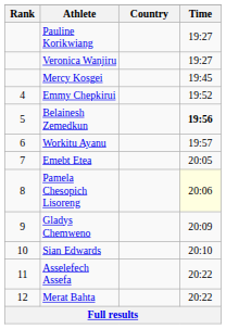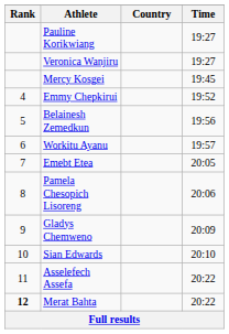 <table class="wikitable sortable" style=" text-align:center; font-size:95%;" width="50%">
 <tr>
 </tr>
 <tr>
 <th width=5%>Rank</th>
 <th width=20%>Athlete</th>
 <th width=15%>Country</th>
 <th width=10%>Time</th>
 </tr>
 <tr>
 <td align=center></td>
 <td align=left><a href='#'>Pauline Korikwiang</a></td>
 <td align=left></td>
 <td>19:27</td>
 </tr>
 <tr>
 <td align=center></td>
 <td align=left><a href='#'>Veronica Wanjiru</a></td>
 <td align=left></td>
 <td>19:27</td>
 </tr>
 <tr>
 <td align=center></td>
 <td align=left><a href='#'>Mercy Kosgei</a></td>
 <td align=left></td>
 <td>19:45</td>
 </tr>
 <tr>
 <td align=center>4</td>
 <td align=left><a href='#'>Emmy Chepkirui</a></td>
 <td align=left></td>
 <td>19:52</td>
 </tr>
 <tr>
 <td align=center>5</td>
 <td align=left><a href='#'>Belainesh Zemedkun</a></td>
 <td align=left></td>
-<td><strong>19:56</strong></td>
+<td>19:56</td>
 </tr>
 <tr>
 <td align=center>6</td>
 <td align=left><a href='#'>Workitu Ayanu</a></td>
 <td align=left></td>
 <td>19:57</td>
 </tr>
 <tr>
 <td align=center>7</td>
 <td align=left><a href='#'>Emebt Etea</a></td>
 <td align=left></td>
 <td>20:05</td>
 </tr>
 <tr>
 <td align=center>8</td>
 <td align=left><a href='#'>Pamela Chesopich Lisoreng</a></td>
 <td align=left></td>
-<td style="background: lightyellow;">20:06</td>
+<td>20:06</td>
 </tr>
 <tr>
 <td align=center>9</td>
 <td align=left><a href='#'>Gladys Chemweno</a></td>
 <td align=left></td>
 <td>20:09</td>
 </tr>
 <tr>
 <td align=center>10</td>
 <td align=left><a href='#'>Sian Edwards</a></td>
 <td align=left></td>
 <td>20:10</td>
 </tr>
 <tr>
 <td align=center>11</td>
 <td align=left><a href='#'>Asselefech Assefa</a></td>
 <td align=left></td>
 <td>20:22</td>
 </tr>
 <tr>
-<td align=center>12</td>
+<td align=center><strong>12</strong></td>
 <td align=left><a href='#'>Merat Bahta</a></td>
 <td align=left></td>
 <td>20:22</td>
 </tr>
 <tr class="sortbottom">
 <th colspan=4 align=center><a href='#'>Full results</a></th>
 </tr>
 </table>
